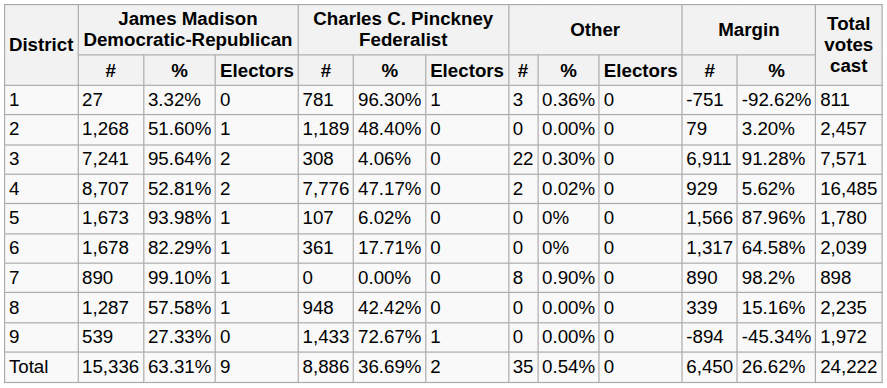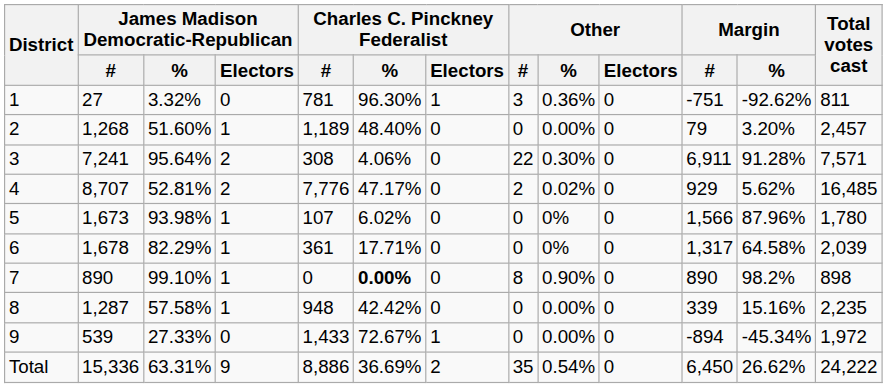 <table class="wikitable sortable">
 <tr>
 <th rowspan="2">District</th>
 <th colspan="3" >James Madison<br>Democratic-Republican</th>
 <th colspan="3" >Charles C. Pinckney<br>Federalist</th>
 <th colspan="3" >Other</th>
 <th colspan="2">Margin</th>
 <th rowspan="2">Total<br>votes<br>cast</th>
 </tr>
 <tr>
 <th>#</th>
 <th>%</th>
 <th>Electors</th>
 <th>#</th>
 <th>%</th>
 <th>Electors</th>
 <th>#</th>
 <th>%</th>
 <th>Electors</th>
 <th>#</th>
 <th>%</th>
 </tr>
 <tr>
 <td>1</td>
 <td>27</td>
 <td>3.32%</td>
 <td>0</td>
 <td>781</td>
 <td>96.30%</td>
 <td>1</td>
 <td>3</td>
 <td>0.36%</td>
 <td>0</td>
 <td>-751</td>
 <td>-92.62%</td>
 <td>811</td>
 </tr>
 <tr>
 <td>2</td>
 <td>1,268</td>
 <td>51.60%</td>
 <td>1</td>
 <td>1,189</td>
 <td>48.40%</td>
 <td>0</td>
 <td>0</td>
 <td>0.00%</td>
 <td>0</td>
 <td>79</td>
 <td>3.20%</td>
 <td>2,457</td>
 </tr>
 <tr>
 <td>3</td>
 <td>7,241</td>
 <td>95.64%</td>
 <td>2</td>
 <td>308</td>
 <td>4.06%</td>
 <td>0</td>
 <td>22</td>
 <td>0.30%</td>
 <td>0</td>
 <td>6,911</td>
 <td>91.28%</td>
 <td>7,571</td>
 </tr>
 <tr>
 <td>4</td>
 <td>8,707</td>
 <td>52.81%</td>
 <td>2</td>
 <td>7,776</td>
 <td>47.17%</td>
 <td>0</td>
 <td>2</td>
 <td>0.02%</td>
 <td>0</td>
 <td>929</td>
 <td>5.62%</td>
 <td>16,485</td>
 </tr>
 <tr>
 <td>5</td>
 <td>1,673</td>
 <td>93.98%</td>
 <td>1</td>
 <td>107</td>
 <td>6.02%</td>
 <td>0</td>
 <td>0</td>
 <td>0%</td>
 <td>0</td>
 <td>1,566</td>
 <td>87.96%</td>
 <td>1,780</td>
 </tr>
 <tr>
 <td>6</td>
 <td>1,678</td>
 <td>82.29%</td>
 <td>1</td>
 <td>361</td>
 <td>17.71%</td>
 <td>0</td>
 <td>0</td>
 <td>0%</td>
 <td>0</td>
 <td>1,317</td>
 <td>64.58%</td>
 <td>2,039</td>
 </tr>
 <tr>
 <td>7</td>
 <td>890</td>
 <td>99.10%</td>
 <td>1</td>
 <td>0</td>
-<td>0.00%</td>
+<td><strong>0.00%</strong></td>
 <td>0</td>
 <td>8</td>
 <td>0.90%</td>
 <td>0</td>
 <td>890</td>
 <td>98.2%</td>
 <td>898</td>
 </tr>
 <tr>
 <td>8</td>
 <td>1,287</td>
 <td>57.58%</td>
 <td>1</td>
 <td>948</td>
 <td>42.42%</td>
 <td>0</td>
 <td>0</td>
 <td>0.00%</td>
 <td>0</td>
 <td>339</td>
 <td>15.16%</td>
 <td>2,235</td>
 </tr>
 <tr>
 <td>9</td>
 <td>539</td>
 <td>27.33%</td>
 <td>0</td>
 <td>1,433</td>
 <td>72.67%</td>
 <td>1</td>
 <td>0</td>
 <td>0.00%</td>
 <td>0</td>
 <td>-894</td>
 <td>-45.34%</td>
 <td>1,972</td>
 </tr>
 <tr>
 <td>Total</td>
 <td>15,336</td>
 <td>63.31%</td>
 <td>9</td>
 <td>8,886</td>
 <td>36.69%</td>
 <td>2</td>
 <td>35</td>
 <td>0.54%</td>
 <td>0</td>
 <td>6,450</td>
 <td>26.62%</td>
 <td>24,222</td>
 </tr>
 </table>
